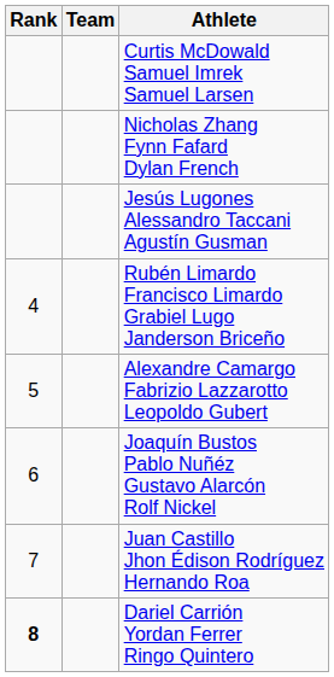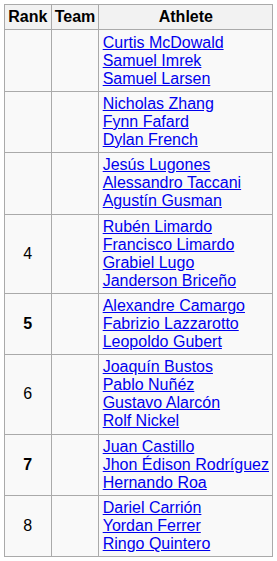 <table class="wikitable sortable" style="text-align:center">
 <tr>
 <th>Rank</th>
 <th>Team</th>
 <th class="unsortable">Athlete</th>
 </tr>
 <tr>
 <td></td>
 <td align="left"></td>
 <td align="left"><a href='#'>Curtis McDowald</a><br><a href='#'>Samuel Imrek</a><br><a href='#'>Samuel Larsen</a></td>
 </tr>
 <tr>
 <td></td>
 <td align="left"></td>
 <td align="left"><a href='#'>Nicholas Zhang</a><br><a href='#'>Fynn Fafard</a><br><a href='#'>Dylan French</a></td>
 </tr>
 <tr>
 <td></td>
 <td align="left"></td>
 <td align="left"><a href='#'>Jesús Lugones</a><br><a href='#'>Alessandro Taccani</a><br><a href='#'>Agustín Gusman</a></td>
 </tr>
 <tr>
 <td>4</td>
 <td align="left"></td>
 <td align="left"><a href='#'>Rubén Limardo</a><br><a href='#'>Francisco Limardo</a><br><a href='#'>Grabiel Lugo</a><br><a href='#'>Janderson Briceño</a></td>
 </tr>
 <tr>
-<td>5</td>
+<td><strong>5</strong></td>
 <td align="left"></td>
 <td align="left"><a href='#'>Alexandre Camargo</a><br><a href='#'>Fabrizio Lazzarotto</a><br><a href='#'>Leopoldo Gubert</a></td>
 </tr>
 <tr>
 <td>6</td>
 <td align="left"></td>
 <td align="left"><a href='#'>Joaquín Bustos</a><br><a href='#'>Pablo Nuñéz</a><br><a href='#'>Gustavo Alarcón</a><br><a href='#'>Rolf Nickel</a></td>
 </tr>
 <tr>
-<td>7</td>
+<td><strong>7</strong></td>
 <td align="left"></td>
 <td align="left"><a href='#'>Juan Castillo</a><br><a href='#'>Jhon Édison Rodríguez</a><br><a href='#'>Hernando Roa</a></td>
 </tr>
 <tr>
-<td><strong>8</strong></td>
+<td>8</td>
 <td align="left"></td>
 <td align="left"><a href='#'>Dariel Carrión</a><br><a href='#'>Yordan Ferrer</a><br><a href='#'>Ringo Quintero</a></td>
 </tr>
 <tr>
 </tr>
 </table>
